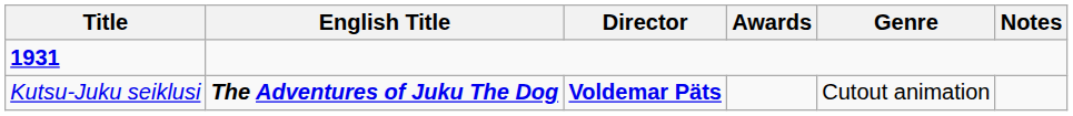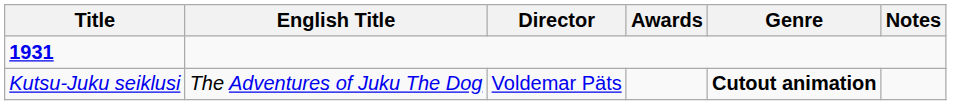 <table class="wikitable">
 <tr>
 <th>Title</th>
 <th>English Title</th>
 <th>Director</th>
 <th>Awards</th>
 <th>Genre</th>
 <th>Notes</th>
 </tr>
 <tr>
 <td><strong><a href='#'>1931</a></strong></td>
 </tr>
 <tr>
 <td><em><a href='#'>Kutsu-Juku seiklusi</a></em></td>
-<td><strong><em>The <a href='#'>Adventures of Juku The Dog</a></em></strong></td>
-<td><strong><a href='#'>Voldemar Päts</a></strong></td>
+<td><em>The <a href='#'>Adventures of Juku The Dog</a></em></td>
+<td><a href='#'>Voldemar Päts</a></td>
 <td></td>
-<td>Cutout animation</td>
+<td><strong>Cutout animation</strong></td>
 <td></td>
 </tr>
 </table>
